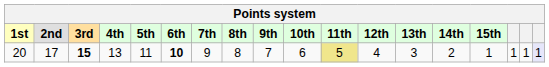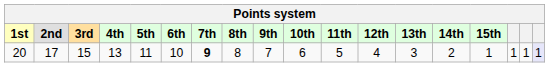 <table class="wikitable" style="font-size:95%; text-align:center">
 <tr>
 <th colspan="19">Points system</th>
 </tr>
 <tr>
 <td style="background:#ffffbf;"> <strong>1st</strong> </td>
 <td style="background:#dfdfdf;"> <strong>2nd</strong> </td>
 <td style="background:#ffdf9f;"> <strong>3rd</strong> </td>
 <td style="background:#dfffdf;"> <strong>4th</strong> </td>
 <td style="background:#dfffdf;"> <strong>5th</strong> </td>
 <td style="background:#dfffdf;"> <strong>6th</strong> </td>
 <td style="background:#dfffdf;"> <strong>7th</strong> </td>
 <td style="background:#dfffdf;"> <strong>8th</strong> </td>
 <td style="background:#dfffdf;"> <strong>9th</strong> </td>
 <td style="background:#dfffdf;"> <strong>10th</strong> </td>
 <td style="background:#dfffdf;"> <strong>11th</strong> </td>
 <td style="background:#dfffdf;"> <strong>12th</strong> </td>
 <td style="background:#dfffdf;"> <strong>13th</strong> </td>
 <td style="background:#dfffdf;"> <strong>14th</strong> </td>
 <td style="background:#dfffdf;"> <strong>15th</strong> </td>
 <th></th>
 <th></th>
 <th></th>
 </tr>
 <tr>
 <td>20</td>
 <td>17</td>
-<td><strong>15</strong></td>
+<td>15</td>
 <td>13</td>
 <td>11</td>
-<td><strong>10</strong></td>
-<td>9</td>
+<td>10</td>
+<td><strong>9</strong></td>
 <td>8</td>
 <td>7</td>
 <td>6</td>
-<td style="background: khaki;">5</td>
+<td>5</td>
 <td>4</td>
 <td>3</td>
 <td>2</td>
 <td>1</td>
 <td>1</td>
 <td>1</td>
 <td style="background: lavender;">1</td>
 </tr>
 </table>
